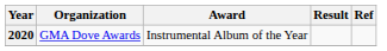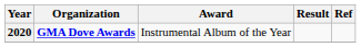 <table class="wikitable plainrowheaders">
 <tr>
 <th>Year</th>
 <th>Organization</th>
 <th>Award</th>
 <th>Result</th>
 <th>Ref</th>
 </tr>
 <tr>
 <th scope="row">2020</th>
-<td><a href='#'>GMA Dove Awards</a></td>
+<td><strong><a href='#'>GMA Dove Awards</a></strong></td>
 <td>Instrumental Album of the Year</td>
 <td></td>
 <td></td>
 </tr>
 <tr>
 </tr>
 </table>
